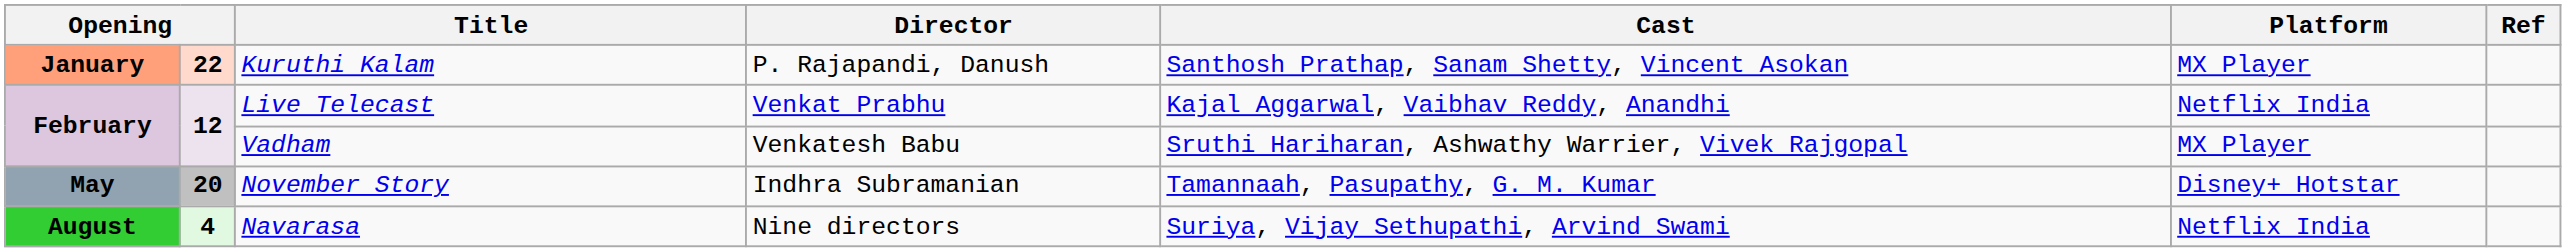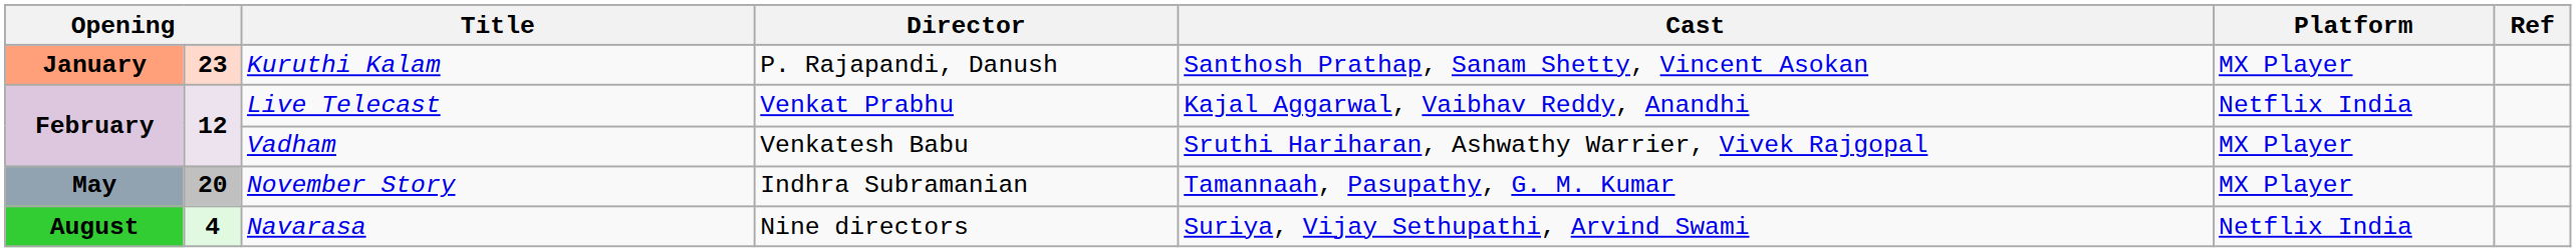 <table class="wikitable" width="85%">
 <tr>
 <th colspan="2">Opening</th>
 <th style="width:20%;">Title</th>
 <th>Director</th>
 <th>Cast</th>
 <th>Platform</th>
 <th>Ref</th>
 </tr>
 <tr>
 <td style="text-align:center; background:#ffa07a; textcolor:#000;"><strong>January</strong></td>
-<td style="text-align:center; background:#ffdacc;"><strong>22</strong></td>
+<td style="text-align:center; background:#ffdacc;"><strong>23</strong></td>
 <td><em><a href='#'>Kuruthi Kalam</a></em></td>
 <td>P. Rajapandi, Danush</td>
 <td><a href='#'>Santhosh Prathap</a>, <a href='#'>Sanam Shetty</a>, <a href='#'>Vincent Asokan</a></td>
 <td><a href='#'>MX Player</a></td>
 <td></td>
 </tr>
 <tr>
 <td rowspan="2" style="text-align:center; background:#dcc7df; textcolor:#000;"><strong>February</strong></td>
 <td rowspan="2" style="text-align:center; background:#ede3ef;"><strong>12</strong></td>
 <td><em><a href='#'>Live Telecast</a></em></td>
 <td><a href='#'>Venkat Prabhu</a></td>
 <td><a href='#'>Kajal Aggarwal</a>, <a href='#'>Vaibhav Reddy</a>, <a href='#'>Anandhi</a></td>
 <td><a href='#'>Netflix India</a></td>
 <td></td>
 </tr>
 <tr>
 <td><em><a href='#'>Vadham</a></em></td>
 <td>Venkatesh Babu</td>
 <td><a href='#'>Sruthi Hariharan</a>, Ashwathy Warrier, <a href='#'>Vivek Rajgopal</a></td>
 <td><a href='#'>MX Player</a></td>
 <td></td>
 </tr>
 <tr>
 <td style="text-align:center; background:#91a3b0; textcolor:#000;"><strong>May</strong></td>
 <td style="text-align:center; background:silver;"><strong>20</strong></td>
 <td><em><a href='#'>November Story</a></em></td>
 <td>Indhra Subramanian</td>
 <td><a href='#'>Tamannaah</a>, <a href='#'>Pasupathy</a>, <a href='#'>G. M. Kumar</a></td>
-<td><a href='#'>Disney+ Hotstar</a></td>
+<td><a href='#'>MX Player</a></td>
 <td></td>
 </tr>
 <tr>
 <td style="text-align:center; background:#32cd32; textcolor:#000;"><strong>August</strong></td>
 <td style="text-align:center; background:#e0f9e0;"><strong>4</strong></td>
 <td><em><a href='#'>Navarasa</a></em></td>
 <td>Nine directors</td>
 <td><a href='#'>Suriya</a>, <a href='#'>Vijay Sethupathi</a>, <a href='#'>Arvind Swami</a></td>
 <td><a href='#'>Netflix India</a></td>
 <td></td>
 </tr>
 </table>
